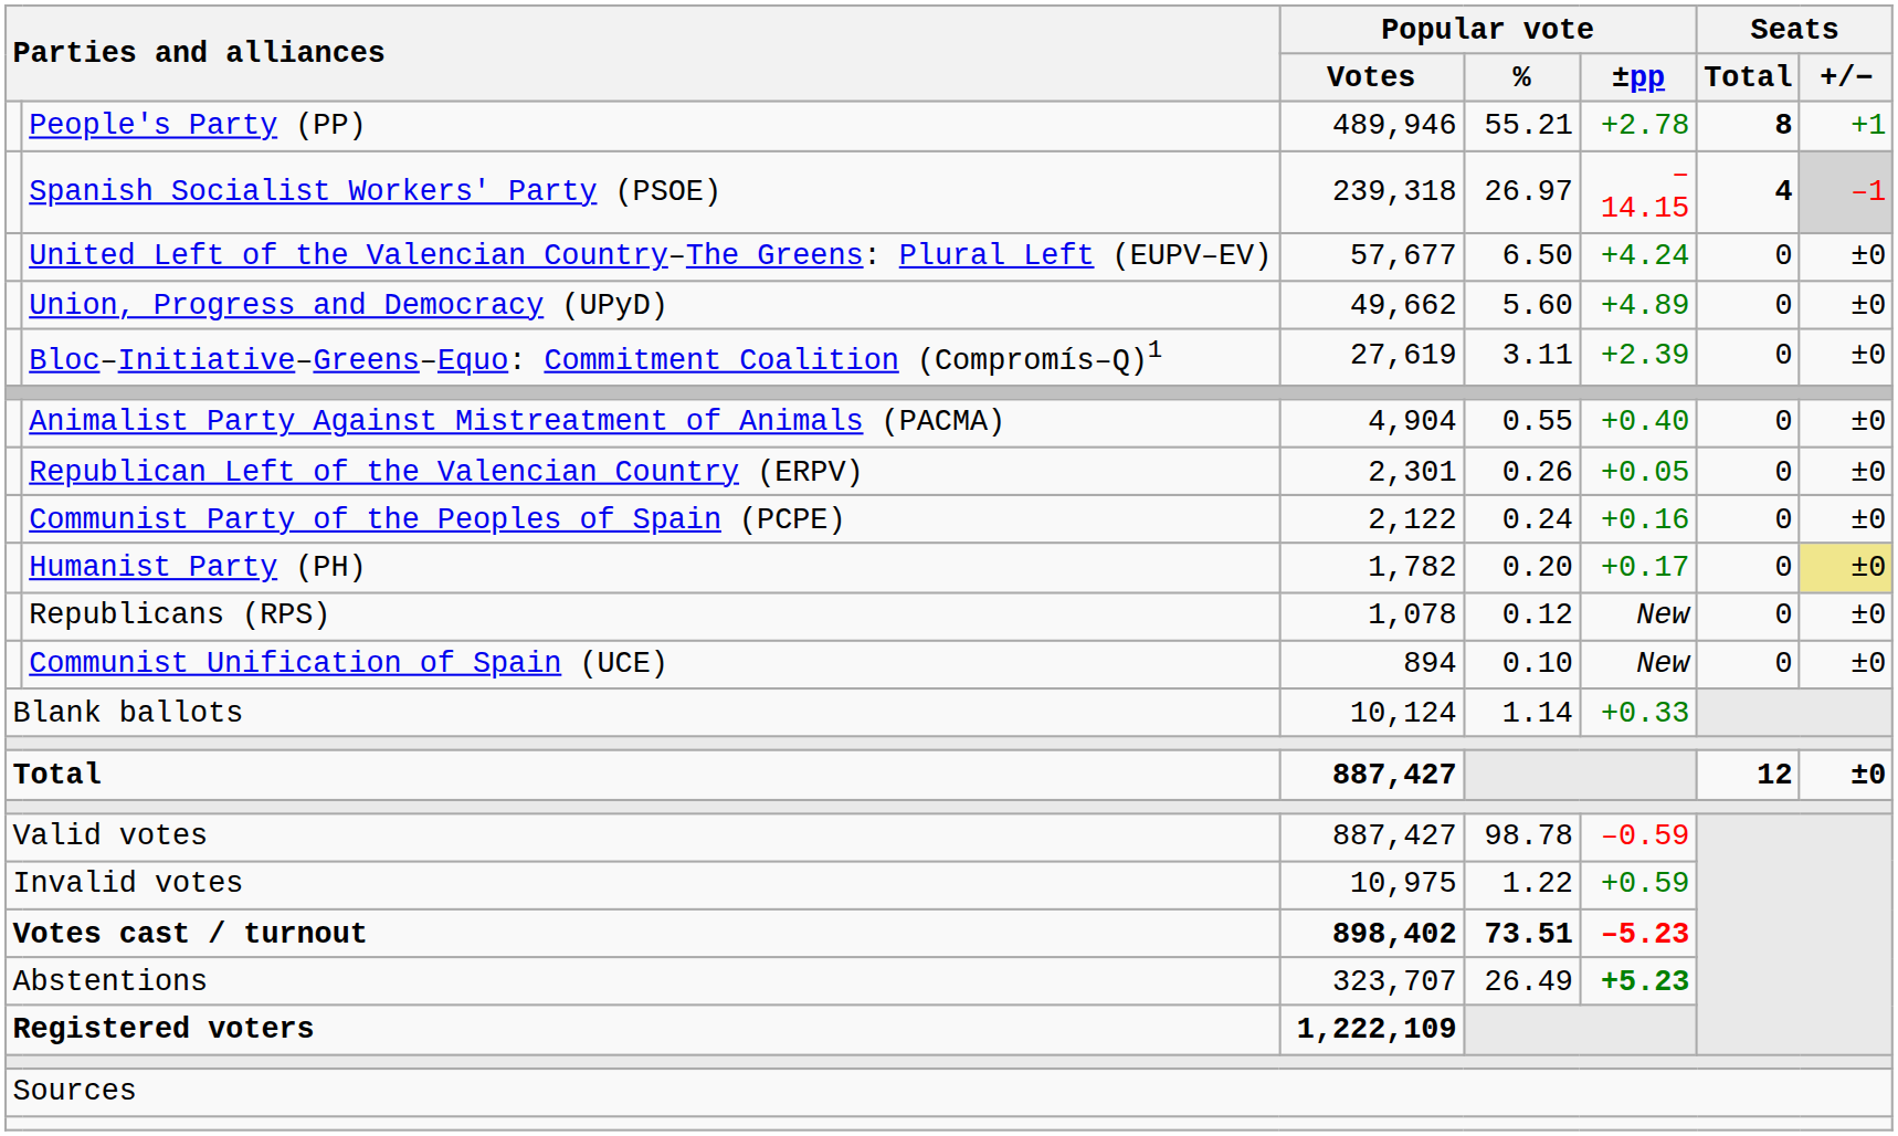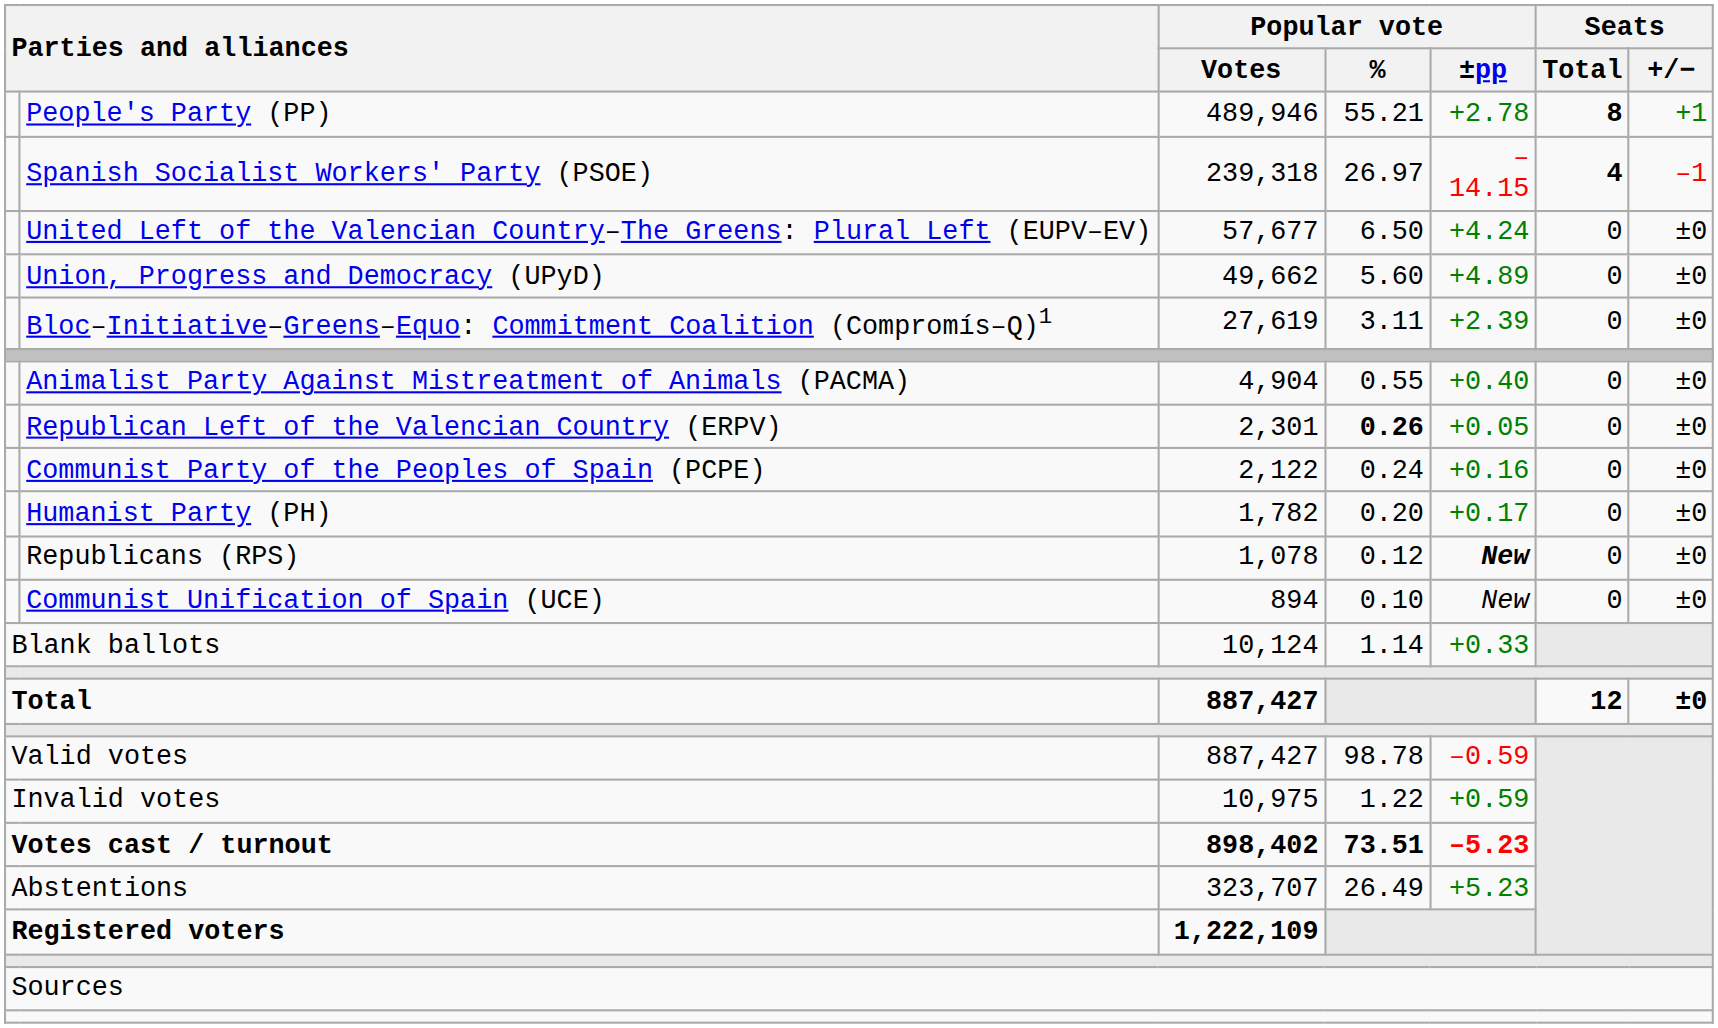 <table class="wikitable" style="text-align:right;">
 <tr>
 <th style="text-align:left;" rowspan="2" colspan="2" width="525">Parties and alliances</th>
 <th colspan="3">Popular vote</th>
 <th colspan="2">Seats</th>
 </tr>
 <tr>
 <th width="75">Votes</th>
 <th width="45">%</th>
 <th width="45">±<a href='#'>pp</a></th>
 <th width="35">Total</th>
 <th width="35">+/−</th>
 </tr>
 <tr>
 <td width="1" style="color:inherit;background:"></td>
 <td align="left"><a href='#'>People's Party</a> (PP)</td>
 <td>489,946</td>
 <td>55.21</td>
 <td style="color:green;">+2.78</td>
 <td><strong>8</strong></td>
 <td style="color:green;">+1</td>
 </tr>
 <tr>
 <td style="color:inherit;background:"></td>
 <td align="left"><a href='#'>Spanish Socialist Workers' Party</a> (PSOE)</td>
 <td>239,318</td>
 <td>26.97</td>
 <td style="color:red;">–14.15</td>
 <td><strong>4</strong></td>
-<td style="background: lightgrey; color:red;">–1</td>
+<td style="color:red;">–1</td>
 </tr>
 <tr>
 <td style="color:inherit;background:"></td>
 <td align="left"><a href='#'>United Left of the Valencian Country</a>–<a href='#'>The Greens</a>: <a href='#'>Plural Left</a> (EUPV–EV)</td>
 <td>57,677</td>
 <td>6.50</td>
 <td style="color:green;">+4.24</td>
 <td>0</td>
 <td>±0</td>
 </tr>
 <tr>
 <td style="color:inherit;background:"></td>
 <td align="left"><a href='#'>Union, Progress and Democracy</a> (UPyD)</td>
 <td>49,662</td>
 <td>5.60</td>
 <td style="color:green;">+4.89</td>
 <td>0</td>
 <td>±0</td>
 </tr>
 <tr>
 <td style="color:inherit;background:"></td>
 <td align="left"><a href='#'>Bloc</a>–<a href='#'>Initiative</a>–<a href='#'>Greens</a>–<a href='#'>Equo</a>: <a href='#'>Commitment Coalition</a> (Compromís–Q)<sup>1</sup></td>
 <td>27,619</td>
 <td>3.11</td>
 <td style="color:green;">+2.39</td>
 <td>0</td>
 <td>±0</td>
 </tr>
 <tr>
 <td colspan="7" bgcolor="#C0C0C0"></td>
 </tr>
 <tr>
 <td style="color:inherit;background:"></td>
 <td align="left"><a href='#'>Animalist Party Against Mistreatment of Animals</a> (PACMA)</td>
 <td>4,904</td>
 <td>0.55</td>
 <td style="color:green;">+0.40</td>
 <td>0</td>
 <td>±0</td>
 </tr>
 <tr>
 <td style="color:inherit;background:"></td>
 <td align="left"><a href='#'>Republican Left of the Valencian Country</a> (ERPV)</td>
 <td>2,301</td>
-<td>0.26</td>
+<td><strong>0.26</strong></td>
 <td style="color:green;">+0.05</td>
 <td>0</td>
 <td>±0</td>
 </tr>
 <tr>
 <td style="color:inherit;background:"></td>
 <td align="left"><a href='#'>Communist Party of the Peoples of Spain</a> (PCPE)</td>
 <td>2,122</td>
 <td>0.24</td>
 <td style="color:green;">+0.16</td>
 <td>0</td>
 <td>±0</td>
 </tr>
 <tr>
 <td style="color:inherit;background:"></td>
 <td align="left"><a href='#'>Humanist Party</a> (PH)</td>
 <td>1,782</td>
 <td>0.20</td>
 <td style="color:green;">+0.17</td>
 <td>0</td>
-<td style="background: khaki;">±0</td>
+<td>±0</td>
 </tr>
 <tr>
 <td style="color:inherit;background:"></td>
 <td align="left">Republicans (RPS)</td>
 <td>1,078</td>
 <td>0.12</td>
-<td><em>New</em></td>
+<td><strong><em>New</em></strong></td>
 <td>0</td>
 <td>±0</td>
 </tr>
 <tr>
 <td style="color:inherit;background:"></td>
 <td align="left"><a href='#'>Communist Unification of Spain</a> (UCE)</td>
 <td>894</td>
 <td>0.10</td>
 <td><em>New</em></td>
 <td>0</td>
 <td>±0</td>
 </tr>
 <tr>
 <td align="left" colspan="2">Blank ballots</td>
 <td>10,124</td>
 <td>1.14</td>
 <td style="color:green;">+0.33</td>
 <td bgcolor="#E9E9E9" colspan="2"></td>
 </tr>
 <tr>
 <td colspan="7" bgcolor="#E9E9E9"></td>
 </tr>
 <tr style="font-weight:bold;">
 <td align="left" colspan="2">Total</td>
 <td>887,427</td>
 <td bgcolor="#E9E9E9" colspan="2"></td>
 <td>12</td>
 <td>±0</td>
 </tr>
 <tr>
 <td colspan="7" bgcolor="#E9E9E9"></td>
 </tr>
 <tr>
 <td align="left" colspan="2">Valid votes</td>
 <td>887,427</td>
 <td>98.78</td>
 <td style="color:red;">–0.59</td>
 <td bgcolor="#E9E9E9" colspan="2" rowspan="5"></td>
 </tr>
 <tr>
 <td align="left" colspan="2">Invalid votes</td>
 <td>10,975</td>
 <td>1.22</td>
 <td style="color:green;">+0.59</td>
 </tr>
 <tr style="font-weight:bold;">
 <td align="left" colspan="2">Votes cast / turnout</td>
 <td>898,402</td>
 <td>73.51</td>
 <td style="color:red;">–5.23</td>
 </tr>
 <tr>
 <td align="left" colspan="2">Abstentions</td>
 <td>323,707</td>
 <td>26.49</td>
-<td style="color:green;"><strong>+5.23</strong></td>
+<td style="color:green;">+5.23</td>
 </tr>
 <tr style="font-weight:bold;">
 <td align="left" colspan="2">Registered voters</td>
 <td>1,222,109</td>
 <td bgcolor="#E9E9E9" colspan="2"></td>
 </tr>
 <tr>
 <td colspan="7" bgcolor="#E9E9E9"></td>
 </tr>
 <tr>
 <td align="left" colspan="7">Sources</td>
 </tr>
 <tr>
 <td colspan="7" style="text-align:left; max-width:790px;"></td>
 </tr>
 </table>
